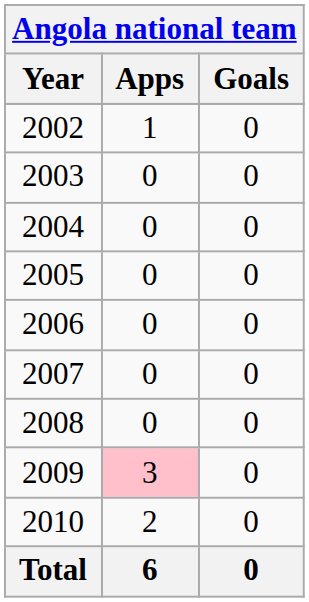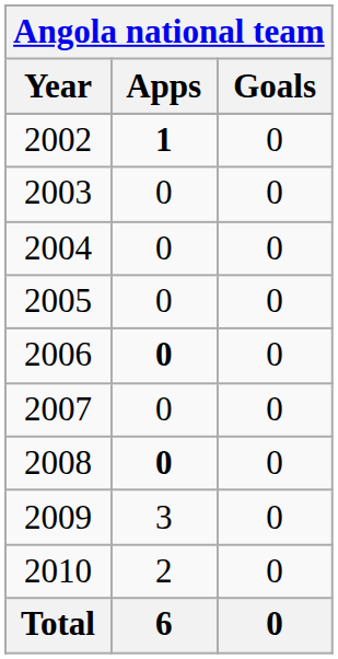 <table class="wikitable" style="text-align:center">
 <tr>
 <th colspan=3><a href='#'>Angola national team</a></th>
 </tr>
 <tr>
 <th>Year</th>
 <th>Apps</th>
 <th>Goals</th>
 </tr>
 <tr>
 </tr>
 <tr>
 <td>2002</td>
-<td>1</td>
+<td><strong>1</strong></td>
 <td>0</td>
 </tr>
 <tr>
 <td>2003</td>
 <td>0</td>
 <td>0</td>
 </tr>
 <tr>
 <td>2004</td>
 <td>0</td>
 <td>0</td>
 </tr>
 <tr>
 <td>2005</td>
 <td>0</td>
 <td>0</td>
 </tr>
 <tr>
 <td>2006</td>
-<td>0</td>
+<td><strong>0</strong></td>
 <td>0</td>
 </tr>
 <tr>
 <td>2007</td>
 <td>0</td>
 <td>0</td>
 </tr>
 <tr>
 <td>2008</td>
-<td>0</td>
+<td><strong>0</strong></td>
 <td>0</td>
 </tr>
 <tr>
 <td>2009</td>
-<td style="background: pink;">3</td>
+<td>3</td>
 <td>0</td>
 </tr>
 <tr>
 <td>2010</td>
 <td>2</td>
 <td>0</td>
 </tr>
 <tr>
 <th>Total</th>
 <th>6</th>
 <th>0</th>
 </tr>
 </table>
